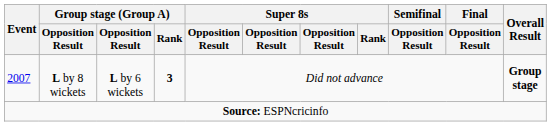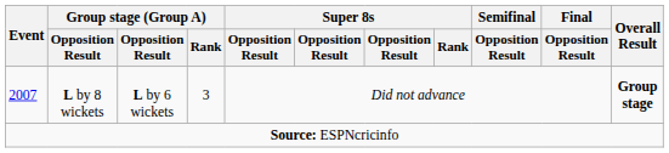 <table class=wikitable style=font-size:90%;text-align:center>
 <tr>
 <th rowspan=2>Event</th>
 <th colspan=3>Group stage (Group A)</th>
 <th colspan=4>Super 8s</th>
 <th>Semifinal</th>
 <th>Final</th>
 <th rowspan=2>Overall Result</th>
 </tr>
 <tr style=font-size:95%>
 <th>Opposition<br>Result</th>
 <th>Opposition<br>Result</th>
 <th>Rank</th>
 <th>Opposition<br>Result</th>
 <th>Opposition<br>Result</th>
 <th>Opposition<br>Result</th>
 <th>Rank</th>
 <th>Opposition<br>Result</th>
 <th>Opposition<br>Result</th>
 </tr>
 <tr>
 <td align=left><a href='#'>2007</a></td>
 <td><br><strong>L</strong> by 8 wickets</td>
 <td><br><strong>L</strong> by 6 wickets</td>
-<td><strong>3</strong></td>
+<td>3</td>
 <td colspan="6"><em>Did not advance</em></td>
 <td><strong>Group stage</strong></td>
 </tr>
 <tr>
 <td colspan="11"><strong>Source:</strong> ESPNcricinfo</td>
 </tr>
 </table>
